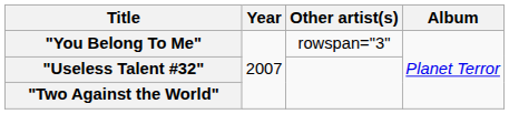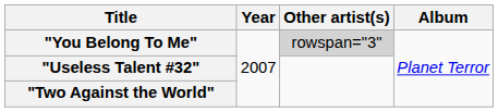 <table class="wikitable plainrowheaders" style="text-align:center;" border="1">
 <tr>
 <th scope="col" style="width:14em;">Title</th>
 <th scope="col">Year</th>
 <th scope="col">Other artist(s)</th>
 <th scope="col">Album</th>
 </tr>
 <tr>
 <th scope="row">"You Belong To Me"</th>
 <td rowspan="3">2007</td>
-<td>rowspan="3" </td>
+<td style="background: lightgrey;">rowspan="3" </td>
 <td rowspan="3"><em><a href='#'>Planet Terror</a></em></td>
 </tr>
 <tr>
 <th scope="row">"Useless Talent #32"</th>
 </tr>
 <tr>
 <th scope="row">"Two Against the World"</th>
 </tr>
 </table>
